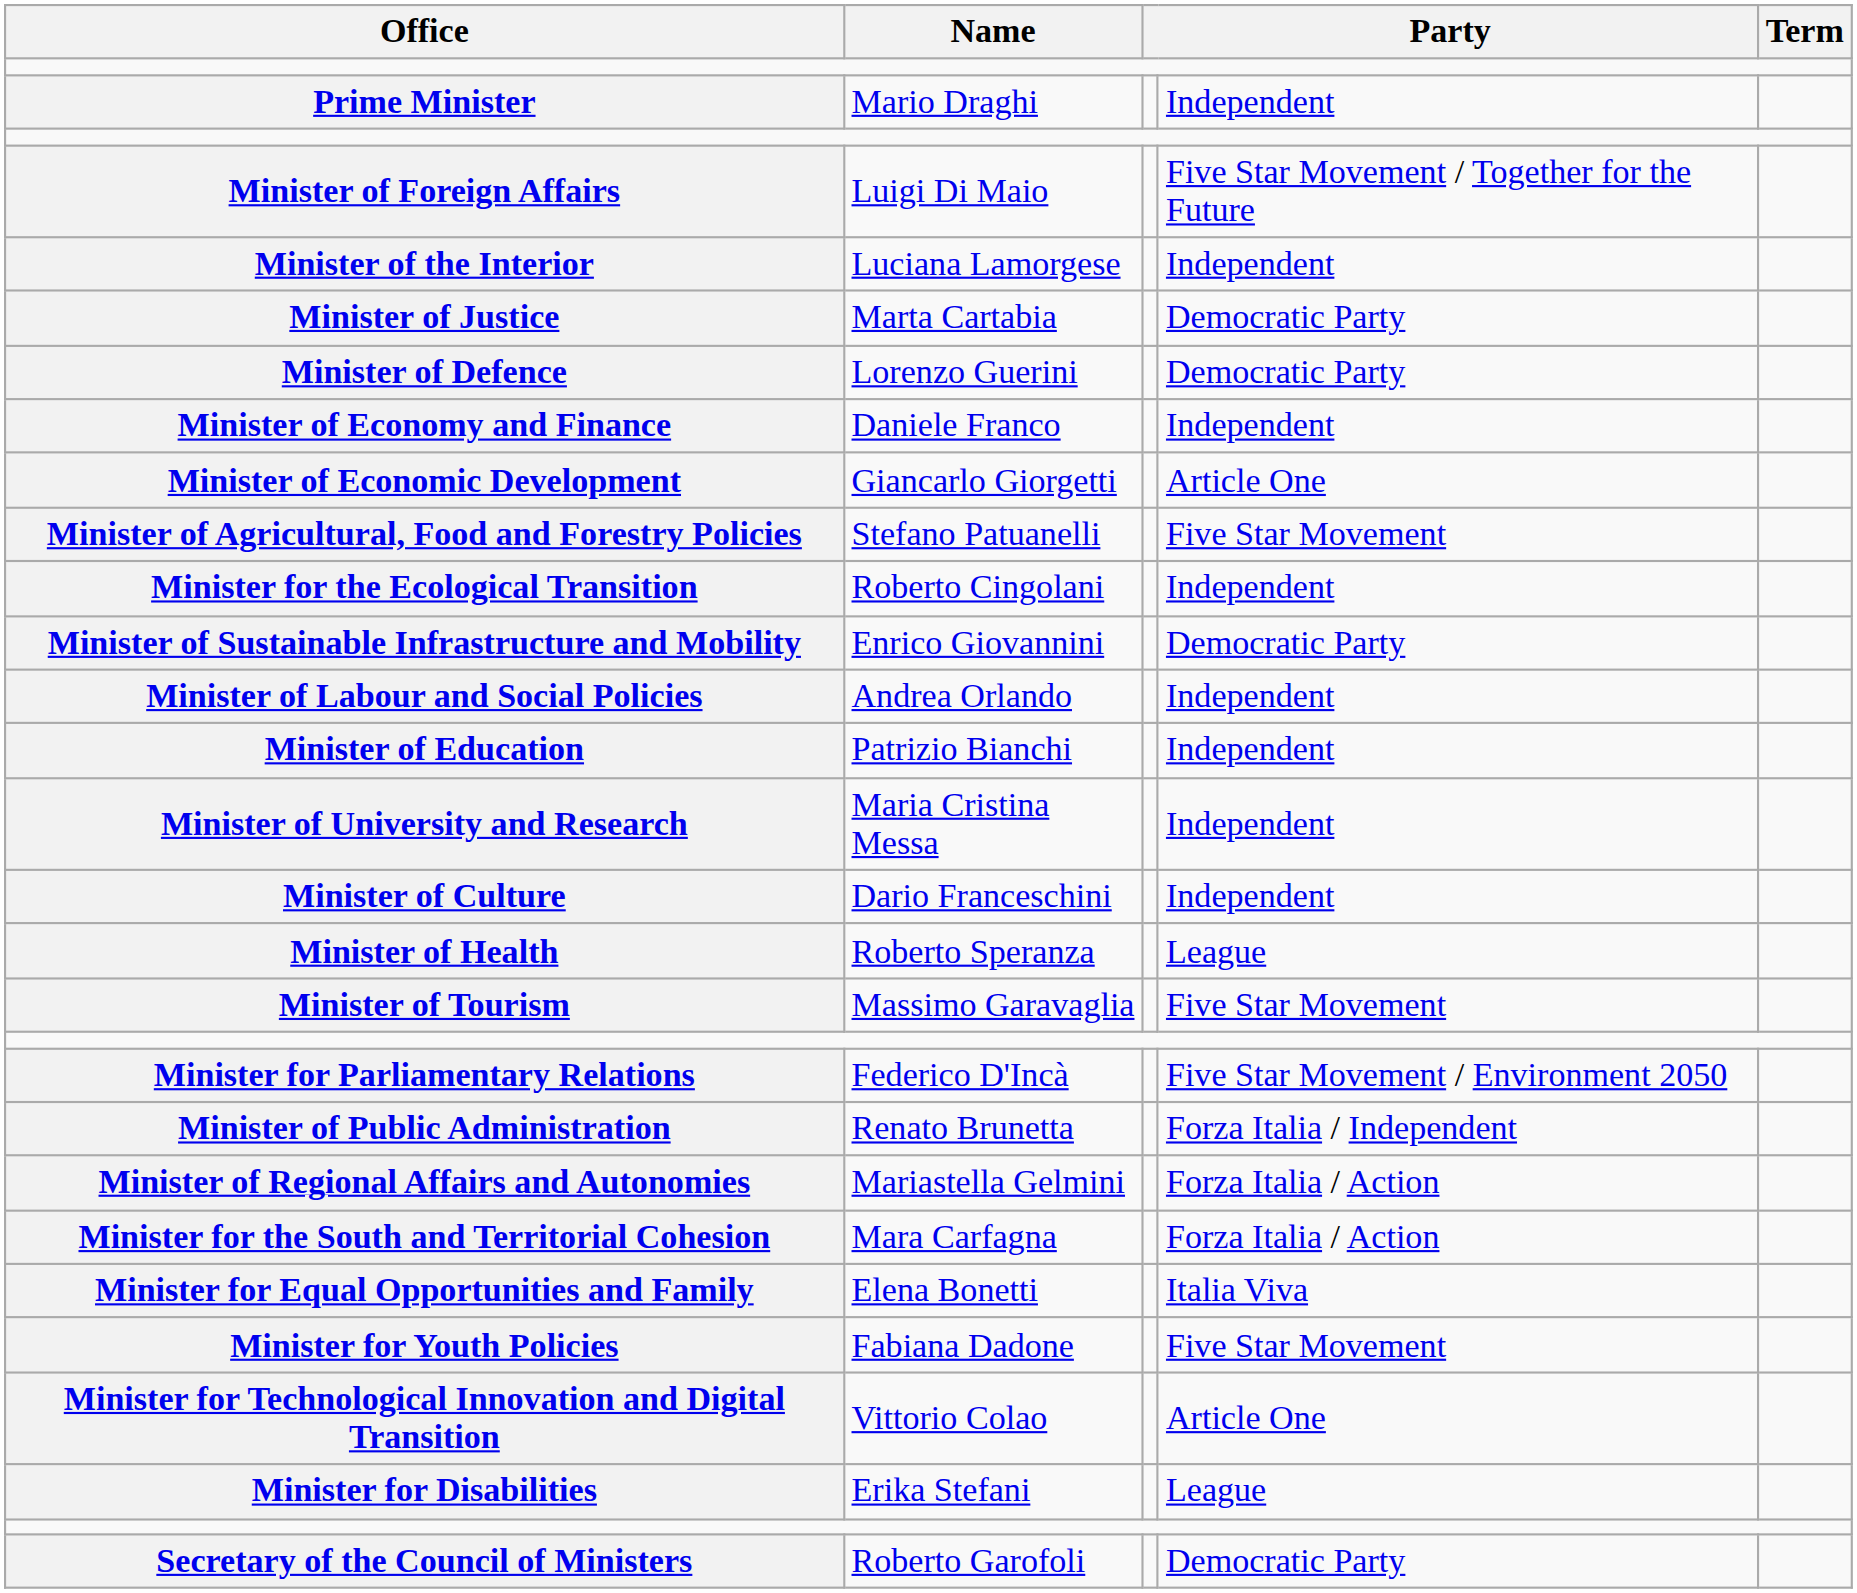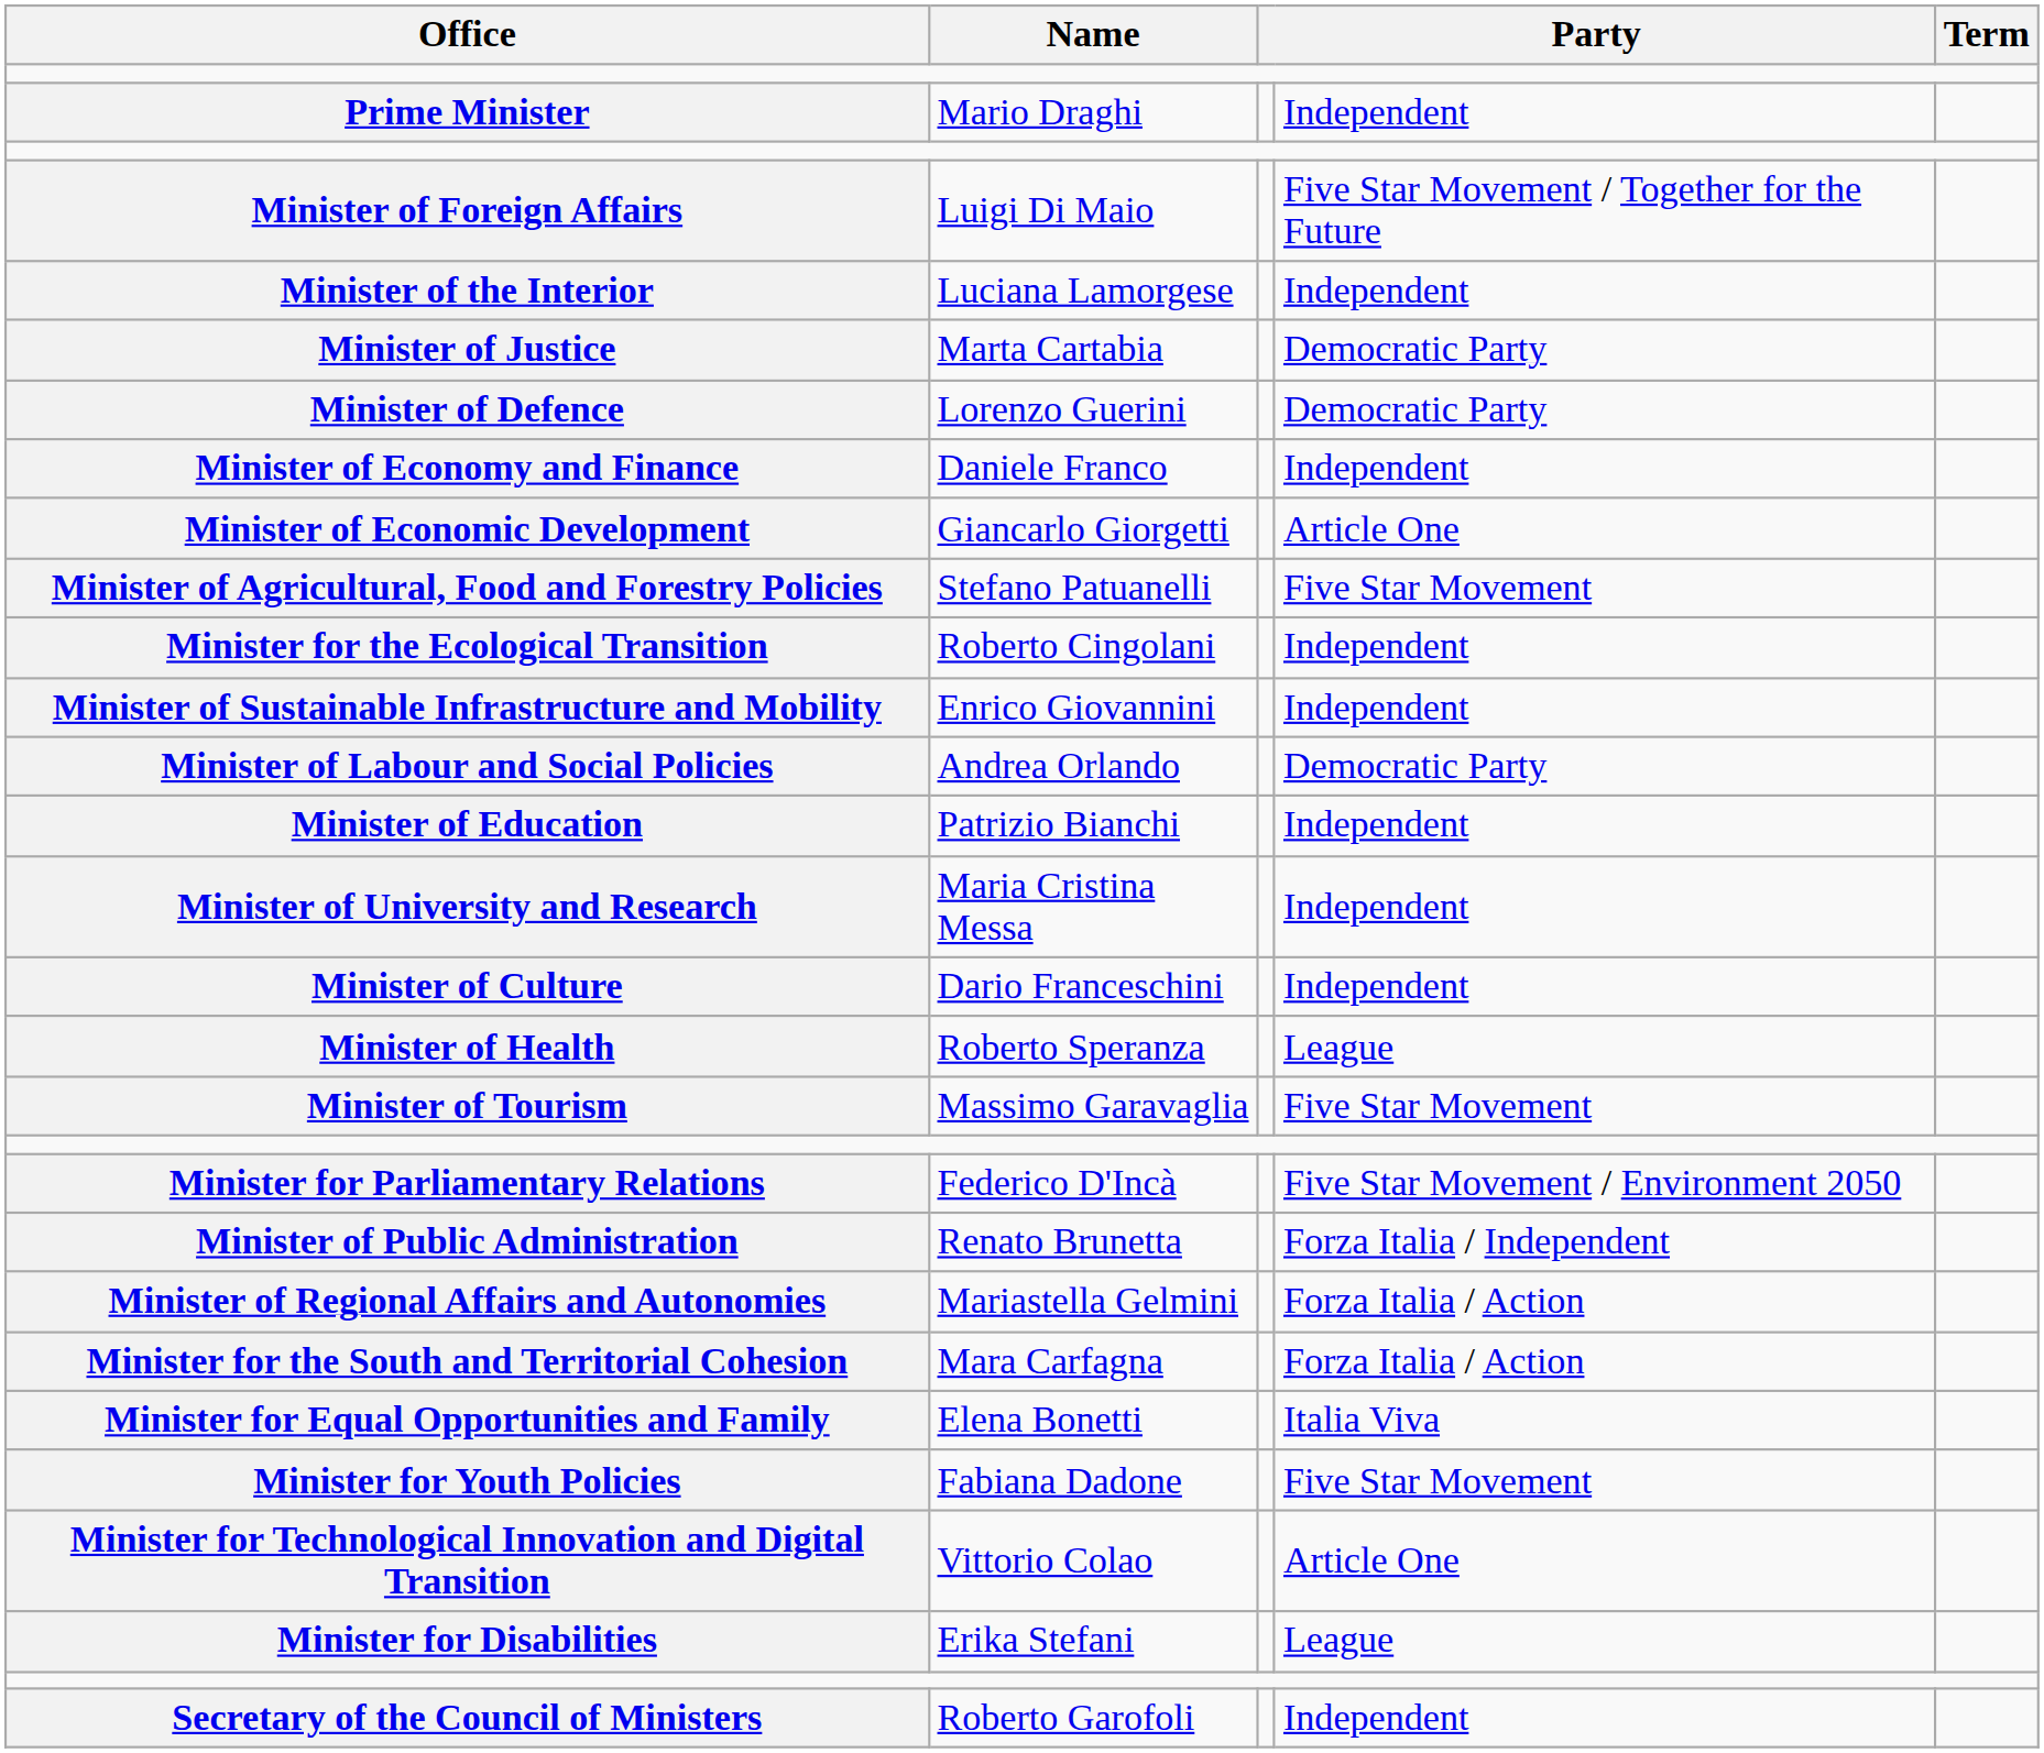 <table class="wikitable" style="font-size: 100%;">
 <tr>
 <th>Office</th>
 <th>Name</th>
 <th colspan=2>Party</th>
 <th>Term</th>
 </tr>
 <tr>
 <td colspan="5"></td>
 </tr>
 <tr>
 <th><a href='#'>Prime Minister</a></th>
 <td><a href='#'>Mario Draghi</a></td>
 <td style="color:inherit;background:"></td>
 <td><a href='#'>Independent</a></td>
 <td></td>
 </tr>
 <tr>
 <td colspan="5"></td>
 </tr>
 <tr>
 <th><a href='#'>Minister of Foreign Affairs</a></th>
 <td><a href='#'>Luigi Di Maio</a></td>
 <td style="color:inherit;background:"></td>
 <td><a href='#'>Five Star Movement</a> / <a href='#'>Together for the Future</a></td>
 <td></td>
 </tr>
 <tr>
 <th><a href='#'>Minister of the Interior</a></th>
 <td><a href='#'>Luciana Lamorgese</a></td>
 <td style="color:inherit;background:"></td>
 <td><a href='#'>Independent</a></td>
 <td></td>
 </tr>
 <tr>
 <th><a href='#'>Minister of Justice</a></th>
 <td><a href='#'>Marta Cartabia</a></td>
 <td style="color:inherit;background:"></td>
 <td><a href='#'>Democratic Party</a></td>
 <td></td>
 </tr>
 <tr>
 <th><a href='#'>Minister of Defence</a></th>
 <td><a href='#'>Lorenzo Guerini</a></td>
 <td style="color:inherit;background:"></td>
 <td><a href='#'>Democratic Party</a></td>
 <td></td>
 </tr>
 <tr>
 <th><a href='#'>Minister of Economy and Finance</a></th>
 <td><a href='#'>Daniele Franco</a></td>
 <td style="color:inherit;background:"></td>
 <td><a href='#'>Independent</a></td>
 <td></td>
 </tr>
 <tr>
 <th><a href='#'>Minister of Economic Development</a></th>
 <td><a href='#'>Giancarlo Giorgetti</a></td>
 <td style="color:inherit;background:"></td>
 <td><a href='#'>Article One</a></td>
 <td></td>
 </tr>
 <tr>
 <th><a href='#'>Minister of Agricultural, Food and Forestry Policies</a></th>
 <td><a href='#'>Stefano Patuanelli</a></td>
 <td style="color:inherit;background:"></td>
 <td><a href='#'>Five Star Movement</a></td>
 <td></td>
 </tr>
 <tr>
 <th><a href='#'>Minister for the Ecological Transition</a></th>
 <td><a href='#'>Roberto Cingolani</a></td>
 <td style="color:inherit;background:"></td>
 <td><a href='#'>Independent</a></td>
 <td></td>
 </tr>
 <tr>
 <th><a href='#'>Minister of Sustainable Infrastructure and Mobility</a></th>
 <td><a href='#'>Enrico Giovannini</a></td>
 <td style="color:inherit;background:"></td>
-<td><a href='#'>Democratic Party</a></td>
+<td><a href='#'>Independent</a></td>
 <td></td>
 </tr>
 <tr>
 <th><a href='#'>Minister of Labour and Social Policies</a></th>
 <td><a href='#'>Andrea Orlando</a></td>
 <td style="color:inherit;background:"></td>
-<td><a href='#'>Independent</a></td>
+<td><a href='#'>Democratic Party</a></td>
 <td></td>
 </tr>
 <tr>
 <th><a href='#'>Minister of Education</a></th>
 <td><a href='#'>Patrizio Bianchi</a></td>
 <td style="color:inherit;background:"></td>
 <td><a href='#'>Independent</a></td>
 <td></td>
 </tr>
 <tr>
 <th><a href='#'>Minister of University and Research</a></th>
 <td><a href='#'>Maria Cristina Messa</a></td>
 <td style="color:inherit;background:"></td>
 <td><a href='#'>Independent</a></td>
 <td></td>
 </tr>
 <tr>
 <th><a href='#'>Minister of Culture</a></th>
 <td><a href='#'>Dario Franceschini</a></td>
 <td style="color:inherit;background:"></td>
 <td><a href='#'>Independent</a></td>
 <td></td>
 </tr>
 <tr>
 <th><a href='#'>Minister of Health</a></th>
 <td><a href='#'>Roberto Speranza</a></td>
 <td style="color:inherit;background:"></td>
 <td><a href='#'>League</a></td>
 <td></td>
 </tr>
 <tr>
 <th><a href='#'>Minister of Tourism</a></th>
 <td><a href='#'>Massimo Garavaglia</a></td>
 <td style="color:inherit;background:"></td>
 <td><a href='#'>Five Star Movement</a></td>
 <td></td>
 </tr>
 <tr>
 <td colspan="5"></td>
 </tr>
 <tr>
 <th><a href='#'>Minister for Parliamentary Relations</a></th>
 <td><a href='#'>Federico D'Incà</a></td>
 <td style="color:inherit;background:"></td>
 <td><a href='#'>Five Star Movement</a> / <a href='#'>Environment 2050</a></td>
 <td></td>
 </tr>
 <tr>
 <th><a href='#'>Minister of Public Administration</a></th>
 <td><a href='#'>Renato Brunetta</a></td>
 <td style="color:inherit;background:"></td>
 <td><a href='#'>Forza Italia</a> / <a href='#'>Independent</a></td>
 <td></td>
 </tr>
 <tr>
 <th><a href='#'>Minister of Regional Affairs and Autonomies</a></th>
 <td><a href='#'>Mariastella Gelmini</a></td>
 <td style="color:inherit;background:"></td>
 <td><a href='#'>Forza Italia</a> / <a href='#'>Action</a></td>
 <td></td>
 </tr>
 <tr>
 <th><a href='#'>Minister for the South and Territorial Cohesion</a></th>
 <td><a href='#'>Mara Carfagna</a></td>
 <td style="color:inherit;background:"></td>
 <td><a href='#'>Forza Italia</a> / <a href='#'>Action</a></td>
 <td></td>
 </tr>
 <tr>
 <th><a href='#'>Minister for Equal Opportunities and Family</a></th>
 <td><a href='#'>Elena Bonetti</a></td>
 <td style="color:inherit;background:"></td>
 <td><a href='#'>Italia Viva</a></td>
 <td></td>
 </tr>
 <tr>
 <th><a href='#'>Minister for Youth Policies</a></th>
 <td><a href='#'>Fabiana Dadone</a></td>
 <td style="color:inherit;background:"></td>
 <td><a href='#'>Five Star Movement</a></td>
 <td></td>
 </tr>
 <tr>
 <th><a href='#'>Minister for Technological Innovation and Digital Transition</a></th>
 <td><a href='#'>Vittorio Colao</a></td>
 <td style="color:inherit;background:"></td>
 <td><a href='#'>Article One</a></td>
 <td></td>
 </tr>
 <tr>
 <th><a href='#'>Minister for Disabilities</a></th>
 <td><a href='#'>Erika Stefani</a></td>
 <td style="color:inherit;background:"></td>
 <td><a href='#'>League</a></td>
 <td></td>
 </tr>
 <tr>
 <td colspan="5"></td>
 </tr>
 <tr>
 <th><a href='#'>Secretary of the Council of Ministers</a></th>
 <td><a href='#'>Roberto Garofoli</a></td>
 <td style="color:inherit;background:"></td>
-<td><a href='#'>Democratic Party</a></td>
+<td><a href='#'>Independent</a></td>
 <td></td>
 </tr>
 </table>
